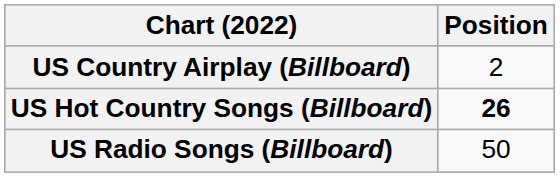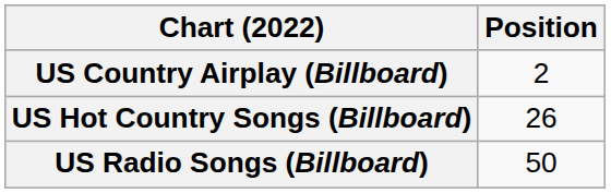 <table class="wikitable sortable plainrowheaders" style="text-align:center">
 <tr>
 <th>Chart (2022)</th>
 <th>Position</th>
 </tr>
 <tr>
 <th scope="row">US Country Airplay (<em>Billboard</em>)</th>
 <td>2</td>
 </tr>
 <tr>
 <th scope="row">US Hot Country Songs (<em>Billboard</em>)</th>
-<td><strong>26</strong></td>
+<td>26</td>
 </tr>
 <tr>
 <th scope="row">US Radio Songs (<em>Billboard</em>)</th>
 <td>50</td>
 </tr>
 </table>
